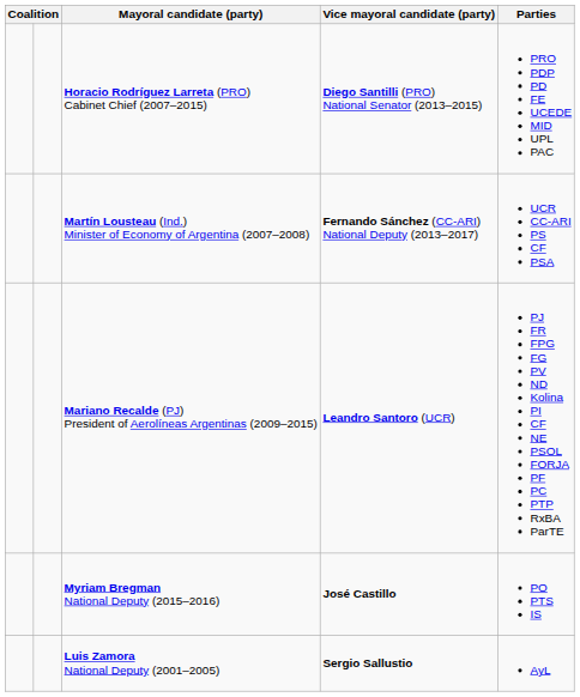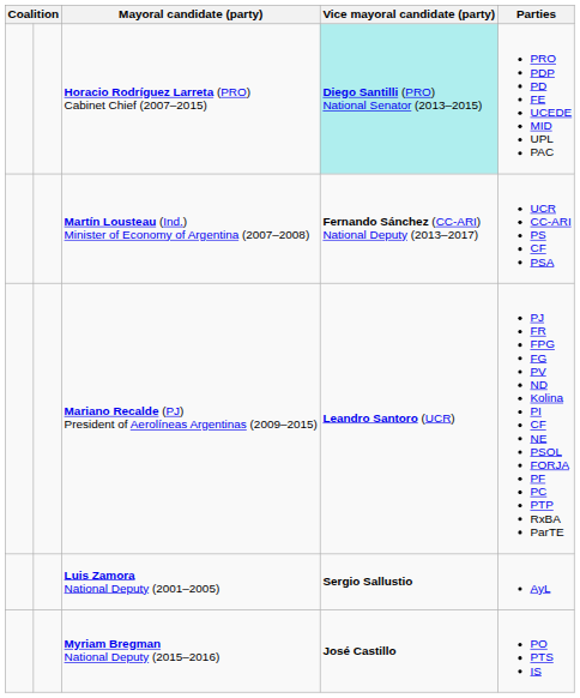 <table class="vertical-align-top wikitable">
 <tr>
 <th scope=colgroup colspan=2>Coalition</th>
 <th scope=colgroup>Mayoral candidate (party)<br></th>
 <th scope=colgroup>Vice mayoral candidate (party)<br></th>
 <th scope=col>Parties</th>
 </tr>
 <tr>
 <td style="background:"></td>
 <td style="text-align:center; line-height:1.3"></td>
 <td><strong><a href='#'>Horacio Rodríguez Larreta</a></strong> (<a href='#'>PRO</a>)<br>Cabinet Chief (2007–2015)</td>
-<td><strong><a href='#'>Diego Santilli</a></strong> (<a href='#'>PRO</a>)<br><a href='#'>National Senator</a> (2013–2015)</td>
+<td style="background: paleturquoise;"><strong><a href='#'>Diego Santilli</a></strong> (<a href='#'>PRO</a>)<br><a href='#'>National Senator</a> (2013–2015)</td>
 <td><br><ul><li><a href='#'>PRO</a></li><li><a href='#'>PDP</a></li><li><a href='#'>PD</a></li><li><a href='#'>FE</a></li><li><a href='#'>UCEDE</a></li><li><a href='#'>MID</a></li><li>UPL</li><li>PAC</li></ul></td>
 </tr>
 <tr>
 <td style="background:"></td>
 <td style="text-align:center; line-height:1.3"></td>
 <td><strong><a href='#'>Martín Lousteau</a></strong> (<a href='#'>Ind.</a>)<br><a href='#'>Minister of Economy of Argentina</a> (2007–2008)</td>
 <td><strong>Fernando Sánchez</strong> (<a href='#'>CC-ARI</a>)<br><a href='#'>National Deputy</a> (2013–2017)</td>
 <td><br><ul><li><a href='#'>UCR</a></li><li><a href='#'>CC-ARI</a></li><li><a href='#'>PS</a></li><li><a href='#'>CF</a></li><li><a href='#'>PSA</a></li></ul></td>
 </tr>
 <tr>
 <td style=background:></td>
 <td style="text-align:center; line-height:1.3"></td>
 <td><strong><a href='#'>Mariano Recalde</a></strong> (<a href='#'>PJ</a>)<br>President of <a href='#'>Aerolíneas Argentinas</a> (2009–2015)</td>
 <td><strong><a href='#'>Leandro Santoro</a></strong> (<a href='#'>UCR</a>)</td>
 <td><br><ul><li><a href='#'>PJ</a></li><li><a href='#'>FR</a></li><li><a href='#'>FPG</a></li><li><a href='#'>FG</a></li><li><a href='#'>PV</a></li><li><a href='#'>ND</a></li><li><a href='#'>Kolina</a></li><li><a href='#'>PI</a></li><li><a href='#'>CF</a></li><li><a href='#'>NE</a></li><li><a href='#'>PSOL</a></li><li><a href='#'>FORJA</a></li><li><a href='#'>PF</a></li><li><a href='#'>PC</a></li><li><a href='#'>PTP</a></li><li>RxBA</li><li>ParTE</li></ul></td>
 </tr>
 <tr>
 <td style=background:></td>
 <td style="text-align:center; line-height:1.3"></td>
+<td><strong><a href='#'>Luis Zamora</a></strong><br><a href='#'>National Deputy</a> (2001–2005)</td>
+<td><strong>Sergio Sallustio</strong></td>
+<td><br><ul><li><a href='#'>AyL</a></li></ul></td>
+</tr>
+<tr>
+<td style=background:></td>
+<td style="text-align:center; line-height:1.3"></td>
 <td><strong><a href='#'>Myriam Bregman</a></strong><br><a href='#'>National Deputy</a> (2015–2016)</td>
 <td><strong>José Castillo</strong></td>
 <td><br><ul><li><a href='#'>PO</a></li><li><a href='#'>PTS</a></li><li><a href='#'>IS</a></li></ul></td>
 </tr>
-<tr>
-<td style=background:></td>
-<td style="text-align:center; line-height:1.3"></td>
-<td><strong><a href='#'>Luis Zamora</a></strong><br><a href='#'>National Deputy</a> (2001–2005)</td>
-<td><strong>Sergio Sallustio</strong></td>
-<td><br><ul><li><a href='#'>AyL</a></li></ul></td>
-</tr>
 </table>
